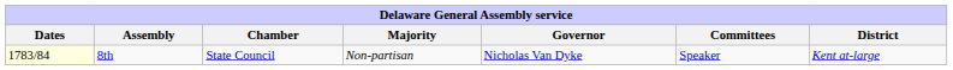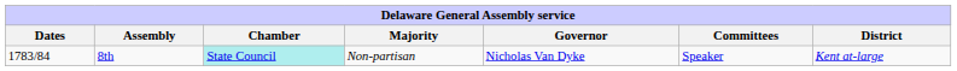 <table class=wikitable style="width: 94%" style="text-align: center;" align="center">
 <tr bgcolor=#cccccc>
 <th colspan=7 style="background: #ccccff;">Delaware General Assembly service</th>
 </tr>
 <tr>
 <th><strong>Dates</strong></th>
 <th><strong>Assembly</strong></th>
 <th><strong>Chamber</strong></th>
 <th><strong>Majority</strong></th>
 <th><strong>Governor</strong></th>
 <th><strong>Committees</strong></th>
 <th><strong>District</strong></th>
 </tr>
 <tr>
-<td style="background: lightyellow;">1783/84</td>
+<td>1783/84</td>
 <td><a href='#'>8th</a></td>
-<td><a href='#'>State Council</a></td>
+<td style="background: paleturquoise;"><a href='#'>State Council</a></td>
 <td><em>Non-partisan</em></td>
 <td><a href='#'>Nicholas Van Dyke</a></td>
 <td><a href='#'>Speaker</a></td>
 <td><a href='#'><em>Kent at-large</em></a></td>
 </tr>
 </table>
